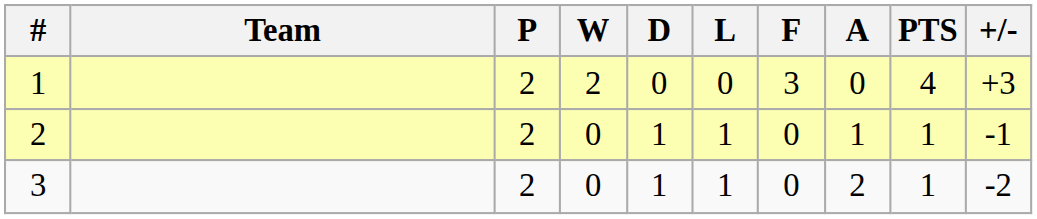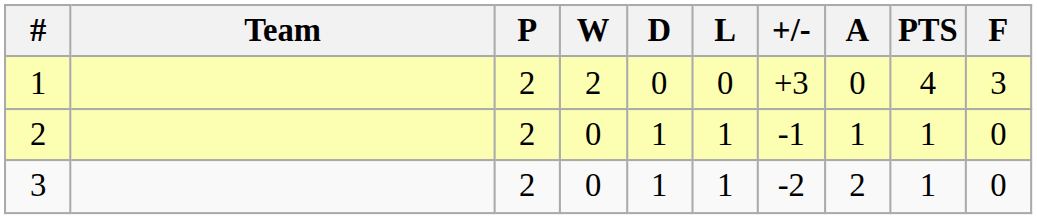 <table class="wikitable" border="1">
 <tr>
 <th width="25">#</th>
 <th width="200">Team</th>
 <th width="25">P</th>
 <th width="25">W</th>
 <th width="25">D</th>
 <th width="25">L</th>
-<th width="25">F</th>
+<th width="25">+/-</th>
 <th width="25">A</th>
 <th width="25">PTS</th>
-<th width="25">+/-</th>
+<th width="25">F</th>
 </tr>
 <tr bgcolor="FCFFB2">
 <td align="center">1</td>
 <td></td>
 <td align="center">2</td>
 <td align="center">2</td>
 <td align="center">0</td>
 <td align="center">0</td>
-<td align="center">3</td>
+<td align="center">+3</td>
 <td align="center">0</td>
 <td align="center">4</td>
-<td align="center">+3</td>
+<td align="center">3</td>
 </tr>
 <tr bgcolor="FCFFB2">
 <td align="center">2</td>
 <td></td>
 <td align="center">2</td>
 <td align="center">0</td>
 <td align="center">1</td>
 <td align="center">1</td>
-<td align="center">0</td>
+<td align="center">-1</td>
 <td align="center">1</td>
 <td align="center">1</td>
-<td align="center">-1</td>
+<td align="center">0</td>
 </tr>
 <tr>
 <td align="center">3</td>
 <td></td>
 <td align="center">2</td>
 <td align="center">0</td>
 <td align="center">1</td>
 <td align="center">1</td>
-<td align="center">0</td>
+<td align="center">-2</td>
 <td align="center">2</td>
 <td align="center">1</td>
-<td align="center">-2</td>
+<td align="center">0</td>
 </tr>
 </table>
